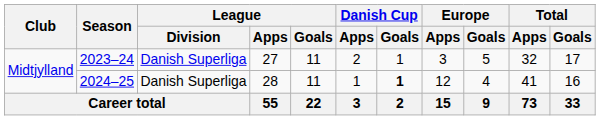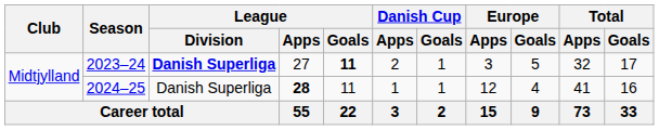 <table class="wikitable" style="text-align:center">
 <tr>
 <th rowspan="2">Club</th>
 <th rowspan="2">Season</th>
 <th colspan="3">League</th>
 <th colspan="2"><a href='#'>Danish Cup</a></th>
 <th colspan="2">Europe</th>
 <th colspan="2">Total</th>
 </tr>
 <tr>
 <th>Division</th>
 <th>Apps</th>
 <th>Goals</th>
 <th>Apps</th>
 <th>Goals</th>
 <th>Apps</th>
 <th>Goals</th>
 <th>Apps</th>
 <th>Goals</th>
 </tr>
 <tr>
 <td rowspan="2"><a href='#'>Midtjylland</a></td>
 <td><a href='#'>2023–24</a></td>
-<td><a href='#'>Danish Superliga</a></td>
+<td><strong><a href='#'>Danish Superliga</a></strong></td>
 <td>27</td>
-<td>11</td>
+<td><strong>11</strong></td>
 <td>2</td>
 <td>1</td>
 <td>3</td>
 <td>5</td>
 <td>32</td>
 <td>17</td>
 </tr>
 <tr>
 <td><a href='#'>2024–25</a></td>
 <td>Danish Superliga</td>
-<td>28</td>
+<td><strong>28</strong></td>
 <td>11</td>
 <td>1</td>
-<td><strong>1</strong></td>
+<td>1</td>
 <td>12</td>
 <td>4</td>
 <td>41</td>
 <td>16</td>
 </tr>
 <tr>
 <th colspan="3">Career total</th>
 <th>55</th>
 <th>22</th>
 <th>3</th>
 <th>2</th>
 <th>15</th>
 <th>9</th>
 <th>73</th>
 <th>33</th>
 </tr>
 </table>
